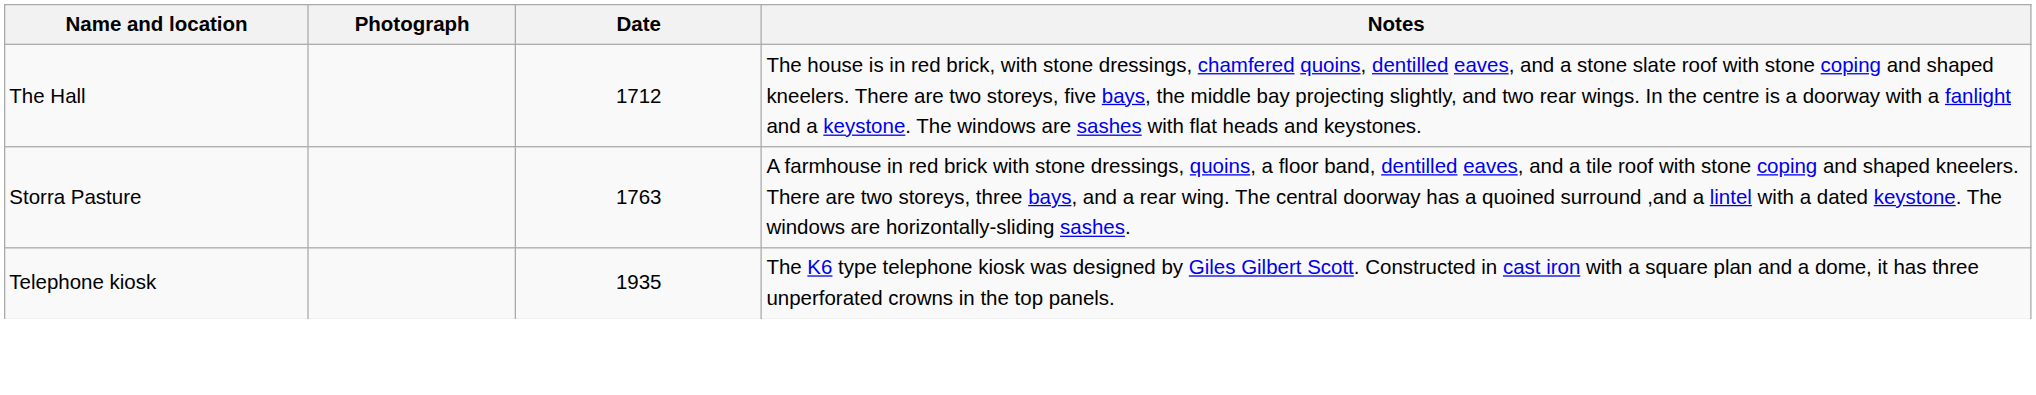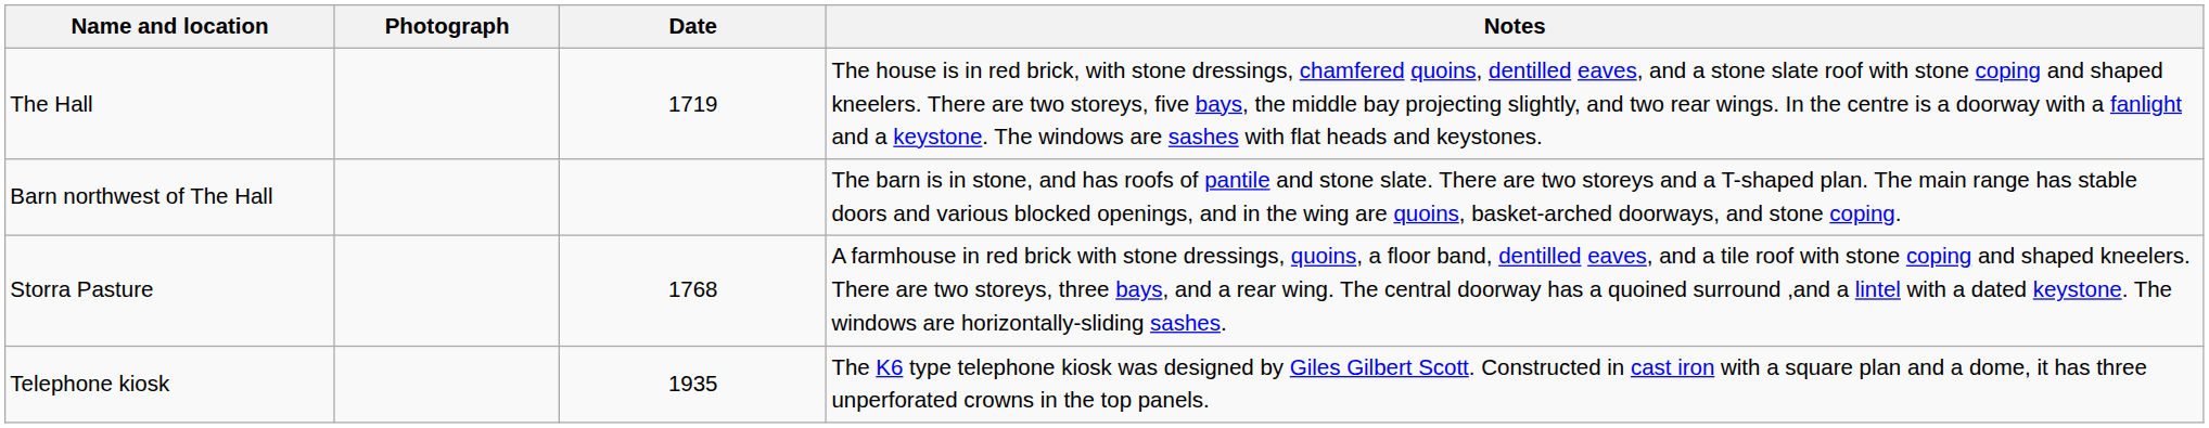 <table class="wikitable sortable plainrowheaders" style="width:100%;border:0px;text-align:left;line-height:150%;">
 <tr>
 <th scope="col"  style="width:150px">Name and location</th>
 <th scope="col"  style="width:100px" class="unsortable">Photograph</th>
 <th scope="col"  style="width:120px">Date</th>
 <th scope="col"  style="width:650px" class="unsortable">Notes</th>
 </tr>
 <tr>
 <td>The Hall<br><small></small></td>
 <td></td>
-<td align="center">1712</td>
+<td align="center">1719</td>
 <td>The house is in red brick, with stone dressings, <a href='#'>chamfered</a> <a href='#'>quoins</a>, <a href='#'>dentilled</a> <a href='#'>eaves</a>, and a stone slate roof with stone <a href='#'>coping</a> and shaped kneelers. There are two storeys, five <a href='#'>bays</a>, the middle bay projecting slightly, and two rear wings. In the centre is a doorway with a <a href='#'>fanlight</a> and a <a href='#'>keystone</a>. The windows are <a href='#'>sashes</a> with flat heads and keystones.</td>
+</tr>
+<tr>
+<td>Barn northwest of The Hall<br><small></small></td>
+<td></td>
+<td align="center"></td>
+<td>The barn is in stone, and has roofs of <a href='#'>pantile</a> and stone slate. There are two storeys and a T-shaped plan. The main range has stable doors and various blocked openings, and in the wing are <a href='#'>quoins</a>, basket-arched doorways, and stone <a href='#'>coping</a>.</td>
 </tr>
 <tr>
 <td>Storra Pasture<br><small></small></td>
 <td></td>
-<td align="center">1763</td>
+<td align="center">1768</td>
 <td>A farmhouse in red brick with stone dressings, <a href='#'>quoins</a>, a floor band, <a href='#'>dentilled</a> <a href='#'>eaves</a>, and a tile roof with stone <a href='#'>coping</a> and shaped kneelers. There are two storeys, three <a href='#'>bays</a>, and a rear wing. The central doorway has a quoined surround ,and a <a href='#'>lintel</a> with a dated <a href='#'>keystone</a>. The windows are horizontally-sliding <a href='#'>sashes</a>.</td>
 </tr>
 <tr>
 <td>Telephone kiosk<br><small></small></td>
 <td></td>
 <td align="center">1935</td>
 <td>The <a href='#'>K6</a> type telephone kiosk was designed by <a href='#'>Giles Gilbert Scott</a>.  Constructed in <a href='#'>cast iron</a> with a square plan and a dome, it has three unperforated crowns in the top panels.</td>
 </tr>
 <tr>
 </tr>
 </table>
